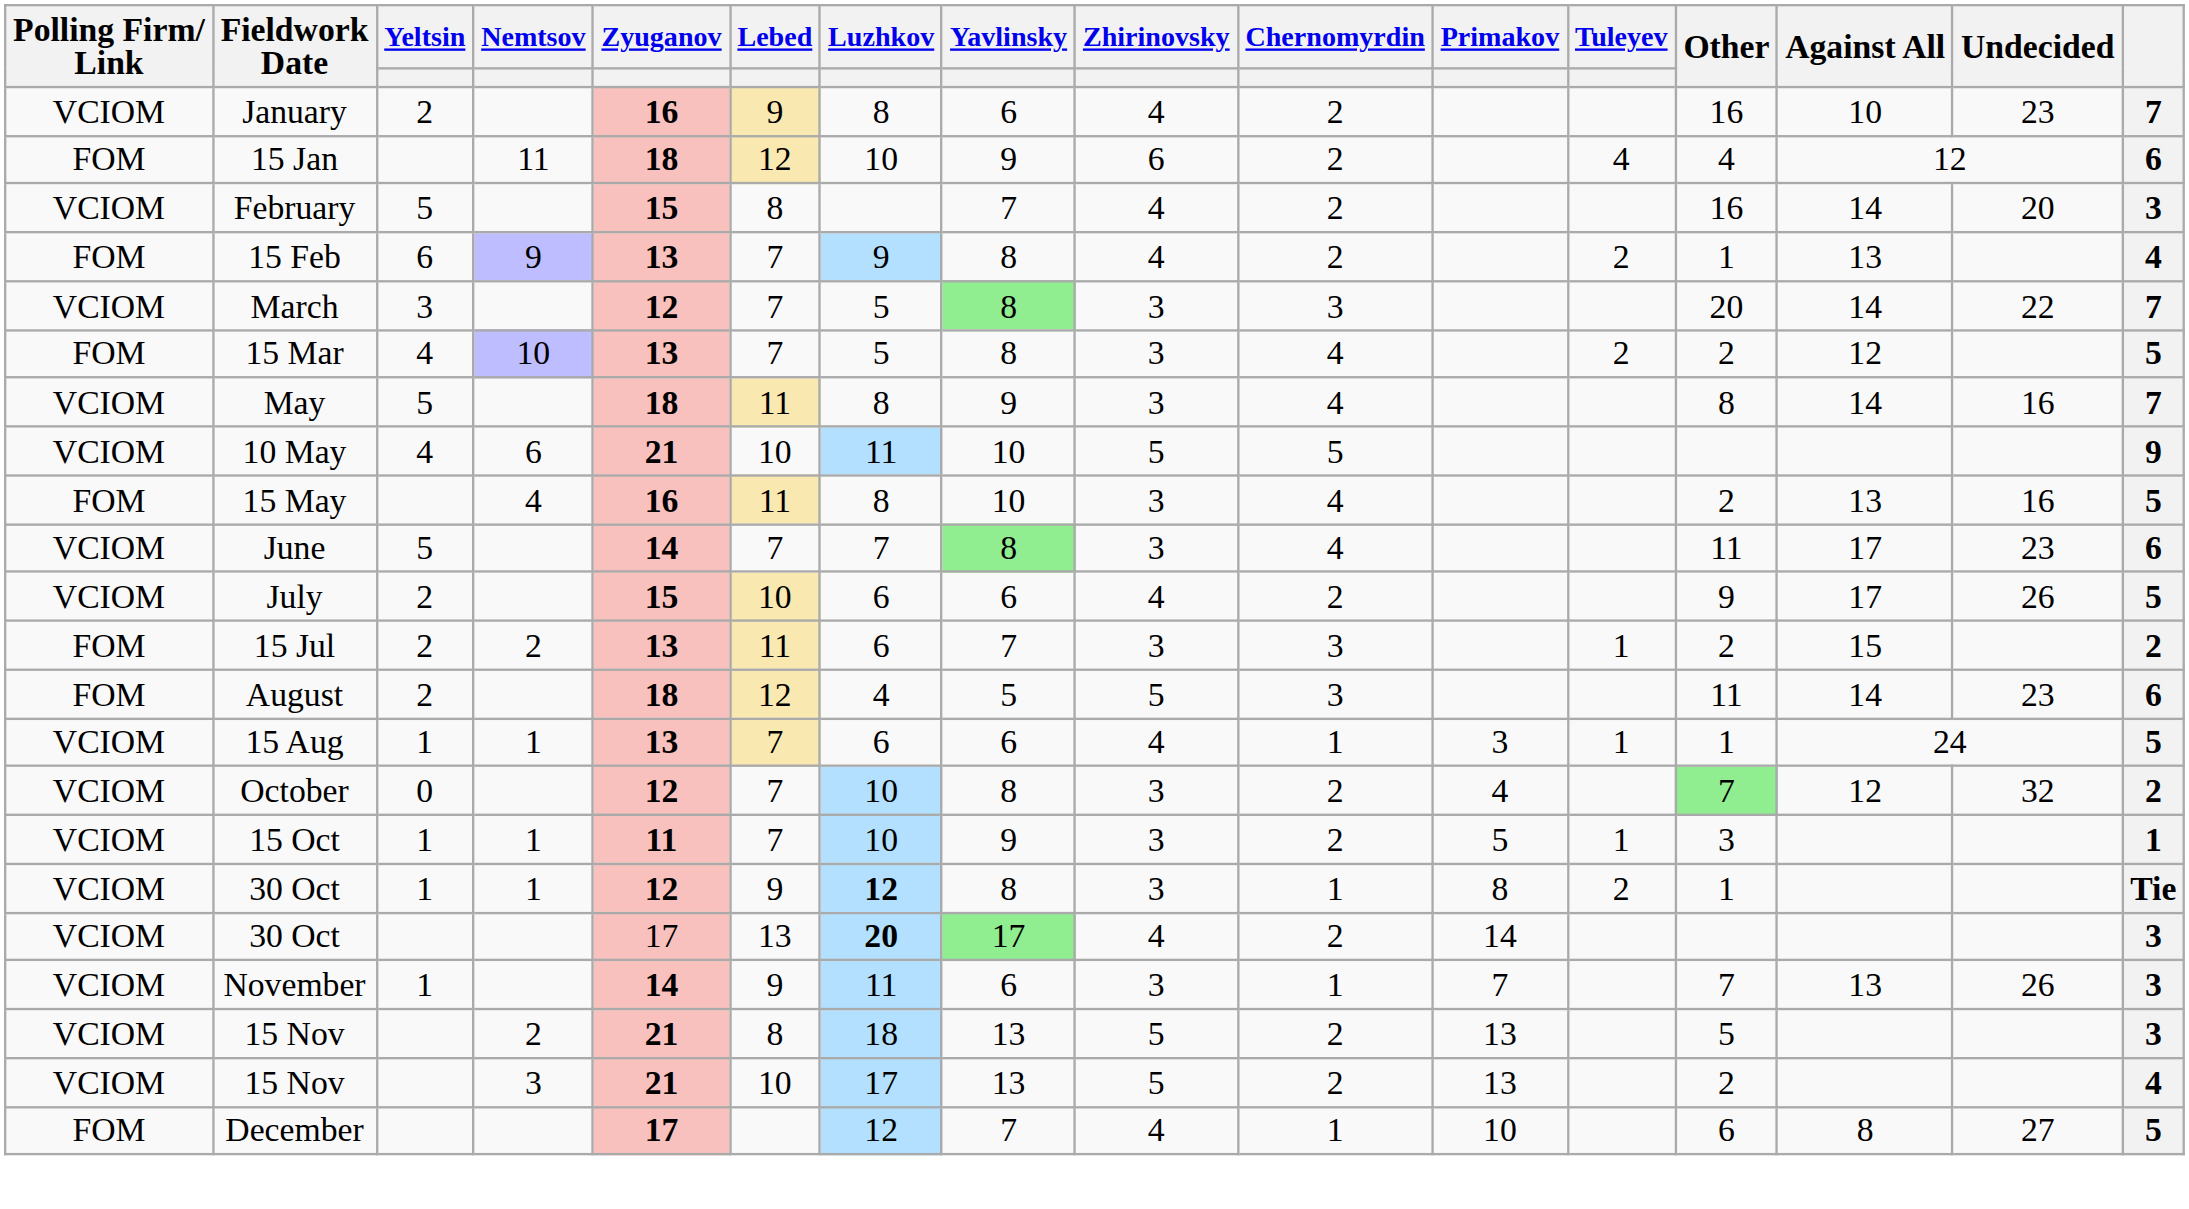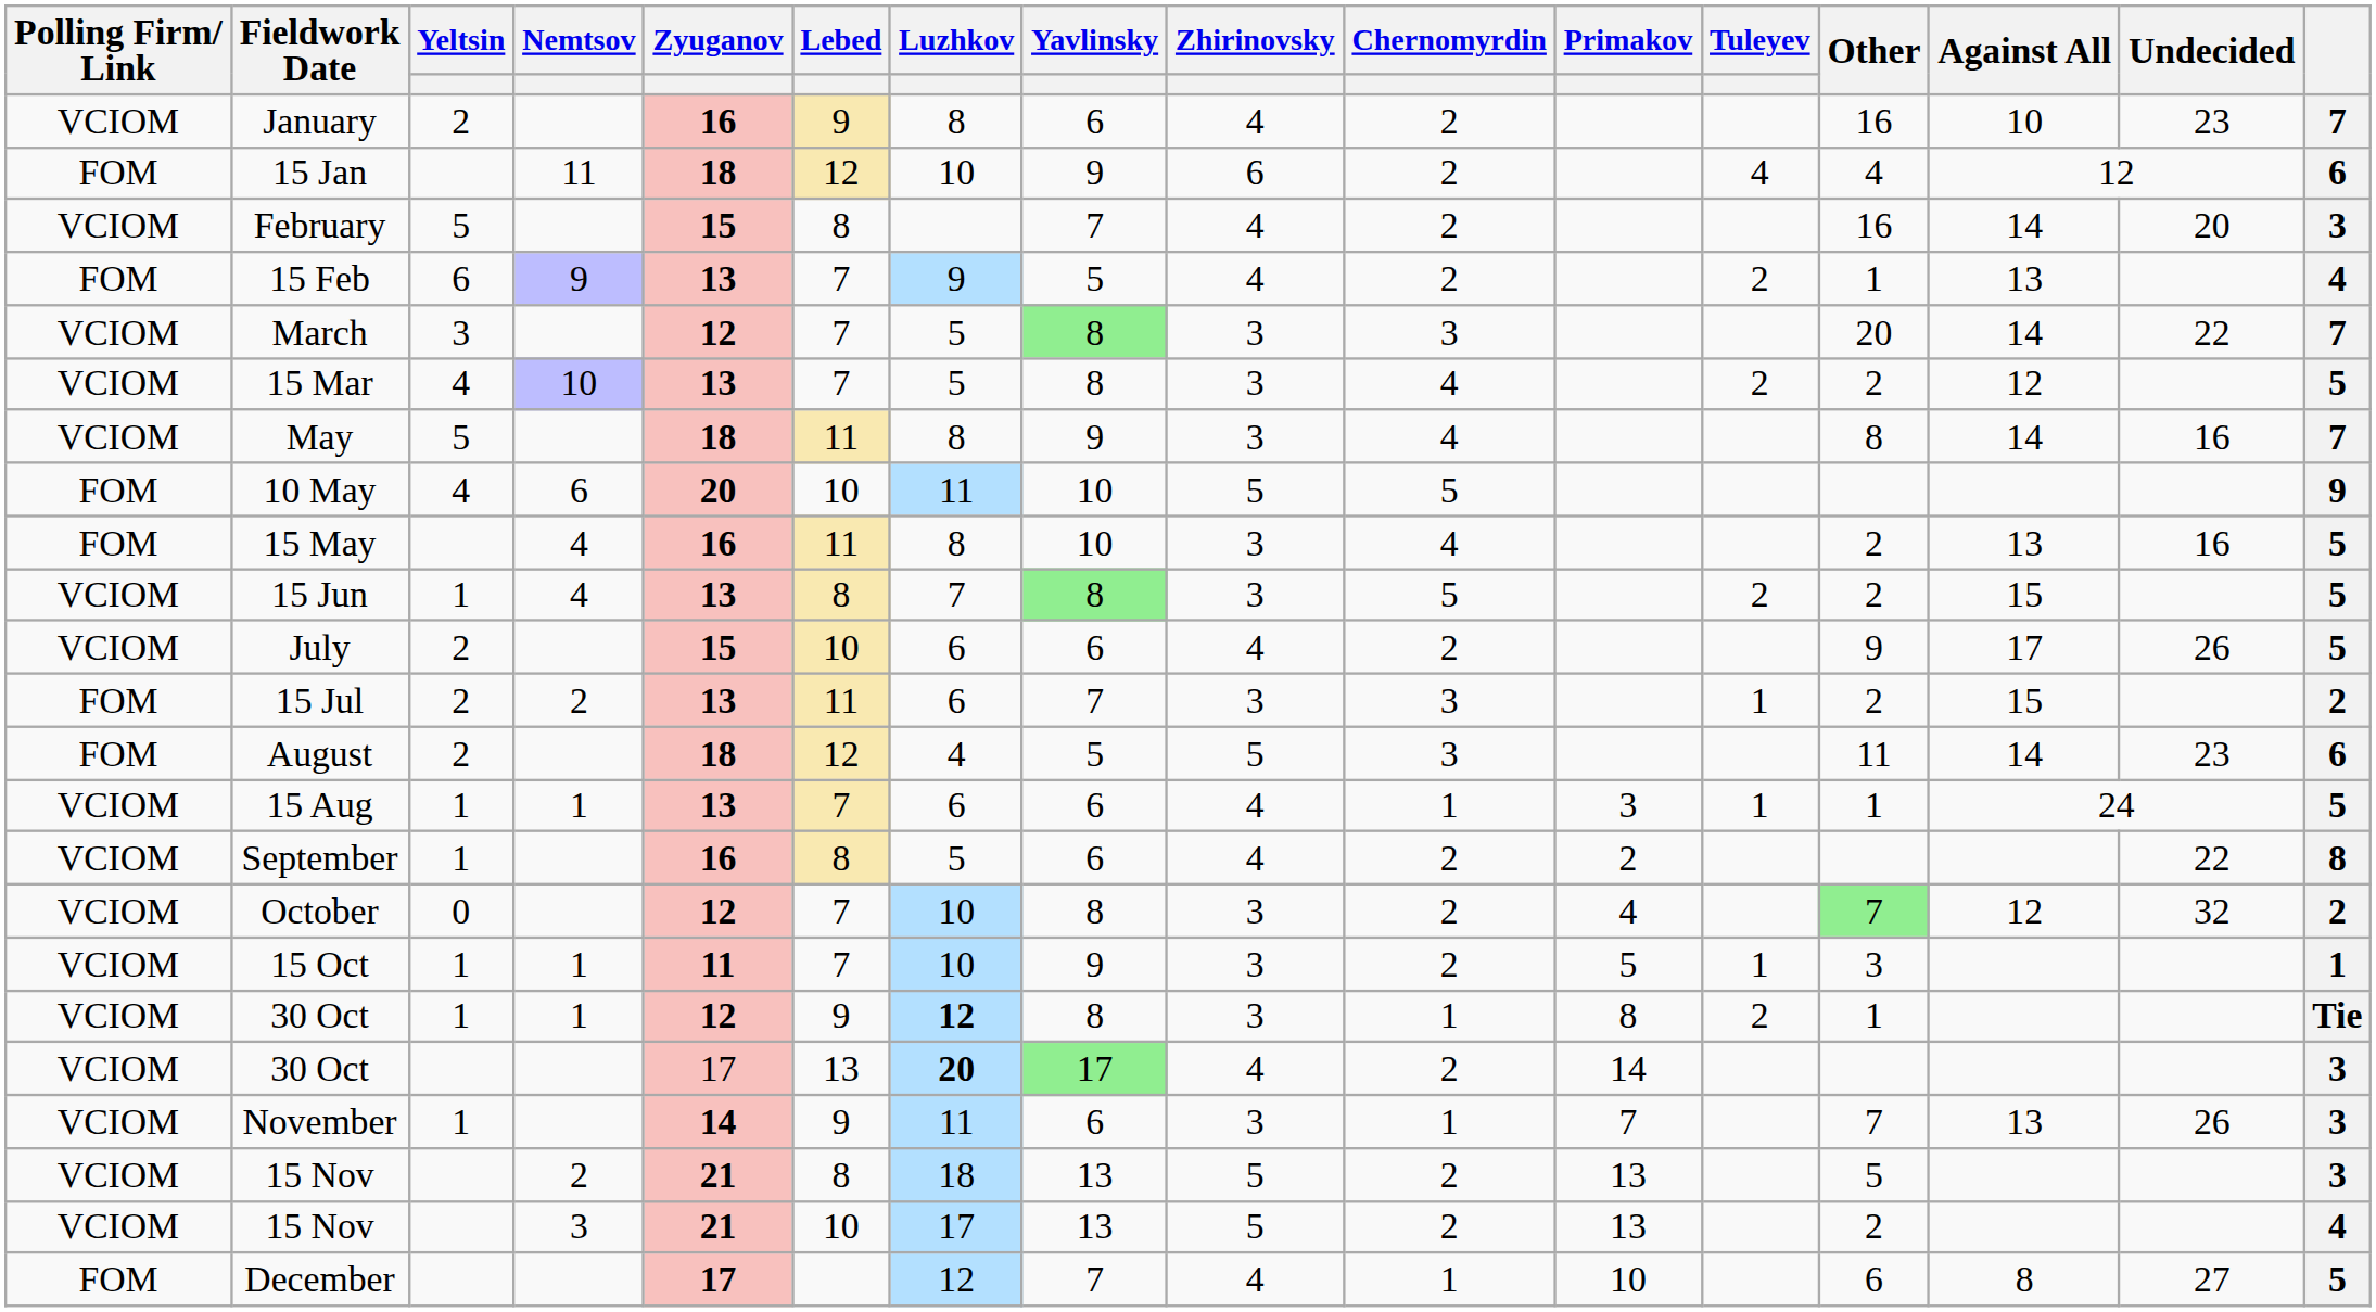 <table class="wikitable tpl-blanktable" style="text-align:center;font-size:90%;line-height:14px;">
 <tr>
 <th rowspan="2">Polling Firm/<br>Link</th>
 <th rowspan="2">Fieldwork<br>Date</th>
 <th><small><a href='#'>Yeltsin</a></small><br></th>
 <th><small><a href='#'>Nemtsov</a></small><br></th>
 <th> <small><a href='#'>Zyuganov</a></small><br></th>
 <th> <small><a href='#'>Lebed</a></small><br></th>
 <th><small><a href='#'>Luzhkov</a></small><br></th>
 <th><small><a href='#'>Yavlinsky</a></small><br></th>
 <th><small><a href='#'>Zhirinovsky</a></small><br></th>
 <th><small><a href='#'>Chernomyrdin</a></small><br></th>
 <th><small><a href='#'>Primakov</a></small><br></th>
 <th><small><a href='#'>Tuleyev</a></small><br></th>
 <th rowspan="2">Other</th>
 <th rowspan="2">Against All</th>
 <th rowspan="2">Undecided</th>
 <th rowspan="2"></th>
 </tr>
 <tr>
 <th data-sort-type="number" style="background:"></th>
 <th data-sort-type="number" style="background:"></th>
 <th data-sort-type="number" style="background:"></th>
 <th data-sort-type="number" style="background:"></th>
 <th data-sort-type="number" style="background:"></th>
 <th data-sort-type="number" style="background:"></th>
 <th data-sort-type="number" style="background:"></th>
 <th data-sort-type="number" style="background:"></th>
 <th data-sort-type="number" style="background:"></th>
 <th data-sort-type="number" style="background:"></th>
 </tr>
 <tr>
 <td>VCIOM</td>
 <td>January</td>
 <td>2</td>
 <td></td>
 <td style="background:#F8C1BE"><strong>16</strong></td>
 <td style="background:#F9E9B1">9</td>
 <td>8</td>
 <td>6</td>
 <td>4</td>
 <td>2</td>
 <td></td>
 <td></td>
 <td>16</td>
 <td>10</td>
 <td>23</td>
 <th style="background:">7</th>
 </tr>
 <tr>
 <td>FOM</td>
 <td>15 Jan</td>
 <td></td>
 <td>11</td>
 <td style="background:#F8C1BE"><strong>18</strong></td>
 <td style="background:#F9E9B1">12</td>
 <td>10</td>
 <td>9</td>
 <td>6</td>
 <td>2</td>
 <td></td>
 <td>4</td>
 <td>4</td>
 <td colspan="2">12</td>
 <th style="background:">6</th>
 </tr>
 <tr>
 <td>VCIOM</td>
 <td>February</td>
 <td>5</td>
 <td></td>
 <td style="background:#F8C1BE"><strong>15</strong></td>
 <td>8</td>
 <td></td>
 <td>7</td>
 <td>4</td>
 <td>2</td>
 <td></td>
 <td></td>
 <td>16</td>
 <td>14</td>
 <td>20</td>
 <th style="background:">3</th>
 </tr>
 <tr>
 <td>FOM</td>
 <td>15 Feb</td>
 <td>6</td>
 <td style="background:#bdbdff">9</td>
 <td style="background:#F8C1BE"><strong>13</strong></td>
 <td>7</td>
 <td style="background:#B3E0FF">9</td>
-<td>8</td>
+<td>5</td>
 <td>4</td>
 <td>2</td>
 <td></td>
 <td>2</td>
 <td>1</td>
 <td>13</td>
 <td></td>
 <th style="background:">4</th>
 </tr>
 <tr>
 <td>VCIOM</td>
 <td>March</td>
 <td>3</td>
 <td></td>
 <td style="background:#F8C1BE"><strong>12</strong></td>
 <td>7</td>
 <td>5</td>
 <td style="background:#90ee90">8</td>
 <td>3</td>
 <td>3</td>
 <td></td>
 <td></td>
 <td>20</td>
 <td>14</td>
 <td>22</td>
 <th style="background:">7</th>
 </tr>
 <tr>
-<td>FOM</td>
+<td>VCIOM</td>
 <td>15 Mar</td>
 <td>4</td>
 <td style="background:#bdbdff">10</td>
 <td style="background:#F8C1BE"><strong>13</strong></td>
 <td>7</td>
 <td>5</td>
 <td>8</td>
 <td>3</td>
 <td>4</td>
 <td></td>
 <td>2</td>
 <td>2</td>
 <td>12</td>
 <td></td>
 <th style="background:">5</th>
 </tr>
 <tr>
 <td>VCIOM</td>
 <td>May</td>
 <td>5</td>
 <td></td>
 <td style="background:#F8C1BE"><strong>18</strong></td>
 <td style="background:#F9E9B1">11</td>
 <td>8</td>
 <td>9</td>
 <td>3</td>
 <td>4</td>
 <td></td>
 <td></td>
 <td>8</td>
 <td>14</td>
 <td>16</td>
 <th style="background:">7</th>
 </tr>
 <tr>
-<td>VCIOM</td>
+<td>FOM</td>
 <td>10 May</td>
 <td>4</td>
 <td>6</td>
-<td style="background:#F8C1BE"><strong>21</strong></td>
+<td style="background:#F8C1BE"><strong>20</strong></td>
 <td>10</td>
 <td style="background:#B3E0FF">11</td>
 <td>10</td>
 <td>5</td>
 <td>5</td>
 <td></td>
 <td></td>
 <td></td>
 <td></td>
 <td></td>
 <th style="background:">9</th>
 </tr>
 <tr>
 <td>FOM</td>
 <td>15 May</td>
 <td></td>
 <td>4</td>
 <td style="background:#F8C1BE"><strong>16</strong></td>
 <td style="background:#F9E9B1">11</td>
 <td>8</td>
 <td>10</td>
 <td>3</td>
 <td>4</td>
 <td></td>
 <td></td>
 <td>2</td>
 <td>13</td>
 <td>16</td>
 <th style="background:">5</th>
 </tr>
 <tr>
 <td>VCIOM</td>
-<td>June</td>
-<td>5</td>
-<td></td>
-<td style="background:#F8C1BE"><strong>14</strong></td>
-<td>7</td>
+<td>15 Jun</td>
+<td>1</td>
+<td>4</td>
+<td style="background:#F8C1BE"><strong>13</strong></td>
+<td style="background:#F9E9B1">8</td>
 <td>7</td>
 <td style="background:#90ee90">8</td>
 <td>3</td>
-<td>4</td>
+<td>5</td>
 <td></td>
+<td>2</td>
+<td>2</td>
+<td>15</td>
 <td></td>
-<td>11</td>
-<td>17</td>
-<td>23</td>
-<th style="background:">6</th>
+<th style="background:">5</th>
 </tr>
 <tr>
 <td>VCIOM</td>
 <td>July</td>
 <td>2</td>
 <td></td>
 <td style="background:#F8C1BE"><strong>15</strong></td>
 <td style="background:#F9E9B1">10</td>
 <td>6</td>
 <td>6</td>
 <td>4</td>
 <td>2</td>
 <td></td>
 <td></td>
 <td>9</td>
 <td>17</td>
 <td>26</td>
 <th style="background:">5</th>
 </tr>
 <tr>
 <td>FOM</td>
 <td>15 Jul</td>
 <td>2</td>
 <td>2</td>
 <td style="background:#F8C1BE"><strong>13</strong></td>
 <td style="background:#F9E9B1">11</td>
 <td>6</td>
 <td>7</td>
 <td>3</td>
 <td>3</td>
 <td></td>
 <td>1</td>
 <td>2</td>
 <td>15</td>
 <td></td>
 <th style="background:">2</th>
 </tr>
 <tr>
 <td>FOM</td>
 <td>August</td>
 <td>2</td>
 <td></td>
 <td style="background:#F8C1BE"><strong>18</strong></td>
 <td style="background:#F9E9B1">12</td>
 <td>4</td>
 <td>5</td>
 <td>5</td>
 <td>3</td>
 <td></td>
 <td></td>
 <td>11</td>
 <td>14</td>
 <td>23</td>
 <th style="background:">6</th>
 </tr>
 <tr>
 <td>VCIOM</td>
 <td>15 Aug</td>
 <td>1</td>
 <td>1</td>
 <td style="background:#F8C1BE"><strong>13</strong></td>
 <td style="background:#F9E9B1">7</td>
 <td>6</td>
 <td>6</td>
 <td>4</td>
 <td>1</td>
 <td>3</td>
 <td>1</td>
 <td>1</td>
 <td colspan="2">24</td>
 <th style="background:">5</th>
+</tr>
+<tr>
+<td>VCIOM</td>
+<td>September</td>
+<td>1</td>
+<td></td>
+<td style="background:#F8C1BE"><strong>16</strong></td>
+<td style="background:#F9E9B1">8</td>
+<td>5</td>
+<td>6</td>
+<td>4</td>
+<td>2</td>
+<td>2</td>
+<td></td>
+<td></td>
+<td></td>
+<td>22</td>
+<th style="background:">8</th>
 </tr>
 <tr>
 <td>VCIOM</td>
 <td>October</td>
 <td>0</td>
 <td></td>
 <td style="background:#F8C1BE"><strong>12</strong></td>
 <td>7</td>
 <td style="background:#B3E0FF">10</td>
 <td>8</td>
 <td>3</td>
 <td>2</td>
 <td>4</td>
 <td></td>
 <td style="background: lightgreen;">7</td>
 <td>12</td>
 <td>32</td>
 <th style="background:">2</th>
 </tr>
 <tr>
 <td>VCIOM</td>
 <td>15 Oct</td>
 <td>1</td>
 <td>1</td>
 <td style="background:#F8C1BE"><strong>11</strong></td>
 <td>7</td>
 <td style="background:#B3E0FF">10</td>
 <td>9</td>
 <td>3</td>
 <td>2</td>
 <td>5</td>
 <td>1</td>
 <td>3</td>
 <td></td>
 <td></td>
 <th style="background:">1</th>
 </tr>
 <tr>
 <td>VCIOM</td>
 <td>30 Oct</td>
 <td>1</td>
 <td>1</td>
 <td style="background:#F8C1BE"><strong>12</strong></td>
 <td>9</td>
 <td style="background:#B3E0FF"><strong>12</strong></td>
 <td>8</td>
 <td>3</td>
 <td>1</td>
 <td>8</td>
 <td>2</td>
 <td>1</td>
 <td></td>
 <td></td>
 <th>Tie</th>
 </tr>
 <tr>
 <td>VCIOM</td>
 <td>30 Oct</td>
 <td></td>
 <td></td>
 <td style="background:#F8C1BE">17</td>
 <td>13</td>
 <td style="background:#B3E0FF"><strong>20</strong></td>
 <td style="background:#90ee90">17</td>
 <td>4</td>
 <td>2</td>
 <td>14</td>
 <td></td>
 <td></td>
 <td></td>
 <td></td>
 <th style="background:">3</th>
 </tr>
 <tr>
 <td>VCIOM</td>
 <td>November</td>
 <td>1</td>
 <td></td>
 <td style="background:#F8C1BE"><strong>14</strong></td>
 <td>9</td>
 <td style="background:#B3E0FF">11</td>
 <td>6</td>
 <td>3</td>
 <td>1</td>
 <td>7</td>
 <td></td>
 <td>7</td>
 <td>13</td>
 <td>26</td>
 <th style="background:">3</th>
 </tr>
 <tr>
 <td>VCIOM</td>
 <td>15 Nov</td>
 <td></td>
 <td>2</td>
 <td style="background:#F8C1BE"><strong>21</strong></td>
 <td>8</td>
 <td style="background:#B3E0FF">18</td>
 <td>13</td>
 <td>5</td>
 <td>2</td>
 <td>13</td>
 <td></td>
 <td>5</td>
 <td></td>
 <td></td>
 <th style="background:">3</th>
 </tr>
 <tr>
 <td>VCIOM</td>
 <td>15 Nov</td>
 <td></td>
 <td>3</td>
 <td style="background:#F8C1BE"><strong>21</strong></td>
 <td>10</td>
 <td style="background:#B3E0FF">17</td>
 <td>13</td>
 <td>5</td>
 <td>2</td>
 <td>13</td>
 <td></td>
 <td>2</td>
 <td></td>
 <td></td>
 <th style="background:">4</th>
 </tr>
 <tr>
 <td>FOM</td>
 <td>December</td>
 <td></td>
 <td></td>
 <td style="background:#F8C1BE"><strong>17</strong></td>
 <td></td>
 <td style="background:#B3E0FF">12</td>
 <td>7</td>
 <td>4</td>
 <td>1</td>
 <td>10</td>
 <td></td>
 <td>6</td>
 <td>8</td>
 <td>27</td>
 <th style="background:">5</th>
 </tr>
 </table>
